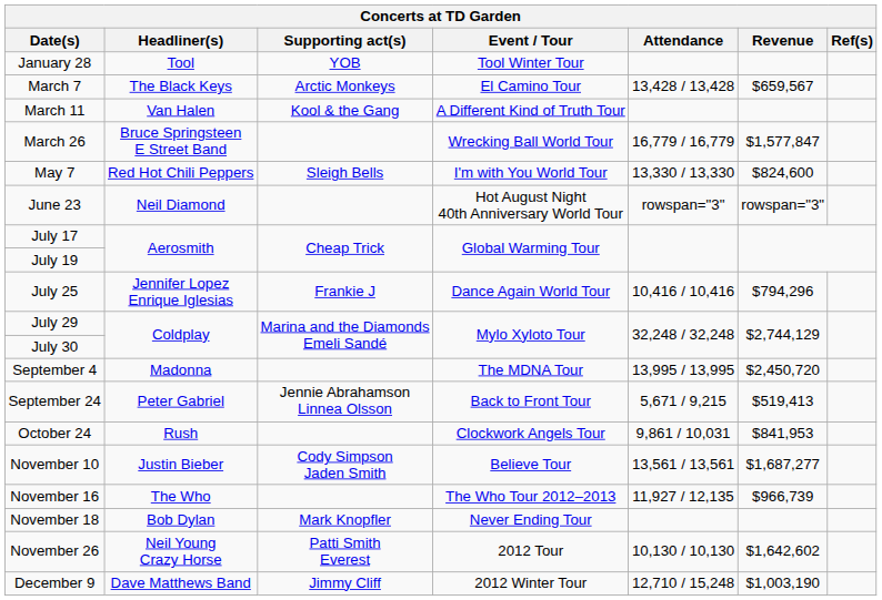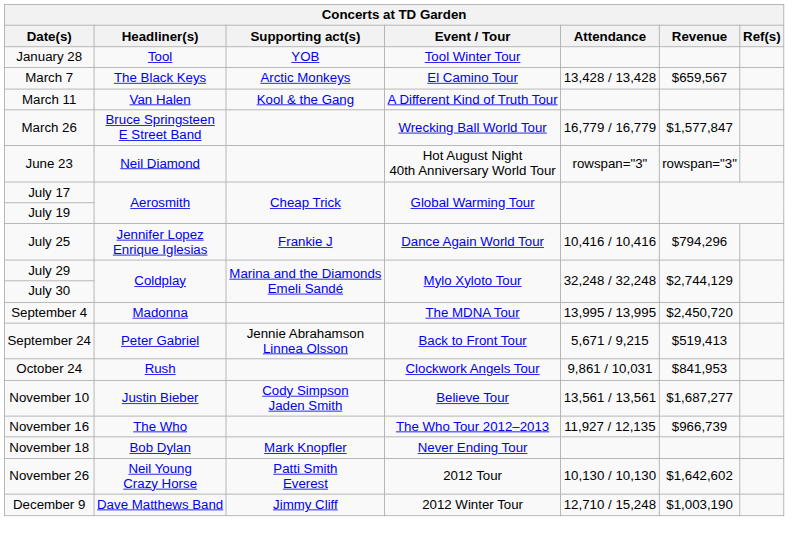 <table class="wikitable mw-collapsible mw-collapsed" style="text-align:center;">
 <tr>
 <th colspan="7">Concerts at TD Garden</th>
 </tr>
 <tr>
 <th>Date(s)</th>
 <th>Headliner(s)</th>
 <th>Supporting act(s)</th>
 <th>Event / Tour</th>
 <th>Attendance</th>
 <th>Revenue</th>
 <th>Ref(s)</th>
 </tr>
 <tr>
 <td>January 28</td>
 <td><a href='#'>Tool</a></td>
 <td><a href='#'>YOB</a></td>
 <td><a href='#'>Tool Winter Tour</a></td>
 <td></td>
 <td></td>
 <td></td>
 </tr>
 <tr>
 <td>March 7</td>
 <td><a href='#'>The Black Keys</a></td>
 <td><a href='#'>Arctic Monkeys</a></td>
 <td><a href='#'>El Camino Tour</a></td>
 <td>13,428 / 13,428</td>
 <td>$659,567</td>
 <td></td>
 </tr>
 <tr>
 <td>March 11</td>
 <td><a href='#'>Van Halen</a></td>
 <td><a href='#'>Kool & the Gang</a></td>
 <td><a href='#'>A Different Kind of Truth Tour</a></td>
 <td></td>
 <td></td>
 <td></td>
 </tr>
 <tr>
 <td>March 26</td>
 <td><a href='#'>Bruce Springsteen</a><br><a href='#'>E Street Band</a></td>
 <td></td>
 <td><a href='#'>Wrecking Ball World Tour</a></td>
 <td>16,779 / 16,779</td>
 <td>$1,577,847</td>
-<td></td>
-</tr>
-<tr>
-<td>May 7</td>
-<td><a href='#'>Red Hot Chili Peppers</a></td>
-<td><a href='#'>Sleigh Bells</a></td>
-<td><a href='#'>I'm with You World Tour</a></td>
-<td>13,330 / 13,330</td>
-<td>$824,600</td>
 <td></td>
 </tr>
 <tr>
 <td>June 23</td>
 <td><a href='#'>Neil Diamond</a></td>
 <td></td>
 <td>Hot August Night<br>40th Anniversary World Tour</td>
 <td>rowspan="3" </td>
 <td>rowspan="3" </td>
 <td></td>
 </tr>
 <tr>
 <td>July 17</td>
 <td rowspan="2"><a href='#'>Aerosmith</a></td>
 <td rowspan="2"><a href='#'>Cheap Trick</a></td>
 <td rowspan="2"><a href='#'>Global Warming Tour</a></td>
 <td rowspan="2"></td>
 </tr>
 <tr>
 <td>July 19</td>
 </tr>
 <tr>
 <td>July 25</td>
 <td><a href='#'>Jennifer Lopez</a><br><a href='#'>Enrique Iglesias</a></td>
 <td><a href='#'>Frankie J</a></td>
 <td><a href='#'>Dance Again World Tour</a></td>
 <td>10,416 / 10,416</td>
 <td>$794,296</td>
 <td></td>
 </tr>
 <tr>
 <td>July 29</td>
 <td rowspan="2"><a href='#'>Coldplay</a></td>
 <td rowspan="2"><a href='#'>Marina and the Diamonds</a><br><a href='#'>Emeli Sandé</a></td>
 <td rowspan="2"><a href='#'>Mylo Xyloto Tour</a></td>
 <td rowspan="2">32,248 / 32,248</td>
 <td rowspan="2">$2,744,129</td>
 <td rowspan="2"></td>
 </tr>
 <tr>
 <td>July 30</td>
 </tr>
 <tr>
 <td>September 4</td>
 <td><a href='#'>Madonna</a></td>
 <td></td>
 <td><a href='#'>The MDNA Tour</a></td>
 <td>13,995 / 13,995</td>
 <td>$2,450,720</td>
 <td></td>
 </tr>
 <tr>
 <td>September 24</td>
 <td><a href='#'>Peter Gabriel</a></td>
 <td>Jennie Abrahamson<br><a href='#'>Linnea Olsson</a></td>
 <td><a href='#'>Back to Front Tour</a></td>
 <td>5,671 / 9,215</td>
 <td>$519,413</td>
 <td></td>
 </tr>
 <tr>
 <td>October 24</td>
 <td><a href='#'>Rush</a></td>
 <td></td>
 <td><a href='#'>Clockwork Angels Tour</a></td>
 <td>9,861 / 10,031</td>
 <td>$841,953</td>
 <td></td>
 </tr>
 <tr>
 <td>November 10</td>
 <td><a href='#'>Justin Bieber</a></td>
 <td><a href='#'>Cody Simpson</a><br><a href='#'>Jaden Smith</a></td>
 <td><a href='#'>Believe Tour</a></td>
 <td>13,561 / 13,561</td>
 <td>$1,687,277</td>
 <td></td>
 </tr>
 <tr>
 <td>November 16</td>
 <td><a href='#'>The Who</a></td>
 <td></td>
 <td><a href='#'>The Who Tour 2012–2013</a></td>
 <td>11,927 / 12,135</td>
 <td>$966,739</td>
 <td></td>
 </tr>
 <tr>
 <td>November 18</td>
 <td><a href='#'>Bob Dylan</a></td>
 <td><a href='#'>Mark Knopfler</a></td>
 <td><a href='#'>Never Ending Tour</a></td>
 <td></td>
 <td></td>
 <td></td>
 </tr>
 <tr>
 <td>November 26</td>
 <td><a href='#'>Neil Young</a><br><a href='#'>Crazy Horse</a></td>
 <td><a href='#'>Patti Smith</a><br><a href='#'>Everest</a></td>
 <td>2012 Tour</td>
 <td>10,130 / 10,130</td>
 <td>$1,642,602</td>
 <td></td>
 </tr>
 <tr>
 <td>December 9</td>
 <td><a href='#'>Dave Matthews Band</a></td>
 <td><a href='#'>Jimmy Cliff</a></td>
 <td>2012 Winter Tour</td>
 <td>12,710 / 15,248</td>
 <td>$1,003,190</td>
 <td></td>
 </tr>
 </table>
